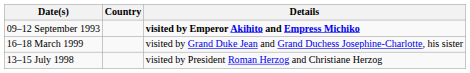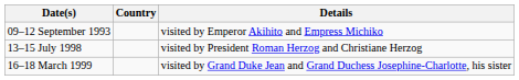 <table class="wikitable">
 <tr>
 <th>Date(s)</th>
 <th>Country</th>
 <th>Details</th>
 </tr>
 <tr>
 <td>09–12 September  1993</td>
 <td></td>
-<td><strong>visited by Emperor <a href='#'>Akihito</a> and <a href='#'>Empress Michiko</a></strong></td>
+<td>visited by Emperor <a href='#'>Akihito</a> and <a href='#'>Empress Michiko</a></td>
+</tr>
+<tr>
+<td>13–15 July 1998</td>
+<td></td>
+<td>visited by President <a href='#'>Roman Herzog</a> and Christiane Herzog</td>
 </tr>
 <tr>
 <td>16–18 March 1999</td>
 <td></td>
 <td>visited by <a href='#'>Grand Duke Jean</a> and <a href='#'>Grand Duchess Josephine-Charlotte</a>, his sister</td>
 </tr>
-<tr>
-<td>13–15 July 1998</td>
-<td></td>
-<td>visited by President <a href='#'>Roman Herzog</a> and Christiane Herzog</td>
-</tr>
 </table>
